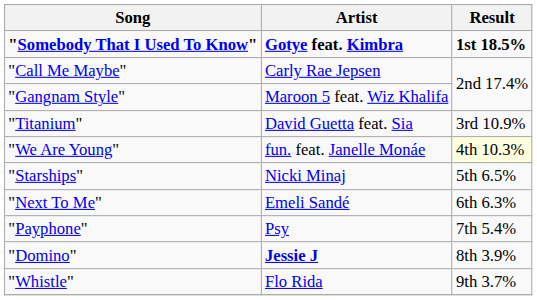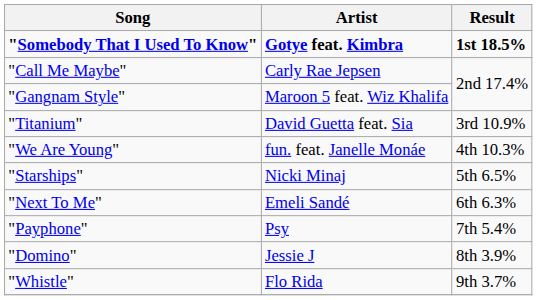 <table class="wikitable">
 <tr>
 <th>Song</th>
 <th>Artist</th>
 <th>Result</th>
 </tr>
 <tr>
 <td><strong>"<a href='#'>Somebody That I Used To Know</a>"</strong></td>
 <td><strong><a href='#'>Gotye</a> feat. <a href='#'>Kimbra</a></strong></td>
 <td><strong>1st 18.5%</strong></td>
 </tr>
 <tr>
 <td>"<a href='#'>Call Me Maybe</a>"</td>
 <td><a href='#'>Carly Rae Jepsen</a></td>
 <td rowspan="2">2nd 17.4%</td>
 </tr>
 <tr>
 <td>"<a href='#'>Gangnam Style</a>"</td>
 <td><a href='#'>Maroon 5</a> feat. <a href='#'>Wiz Khalifa</a></td>
 </tr>
 <tr>
 <td>"<a href='#'>Titanium</a>"</td>
 <td><a href='#'>David Guetta</a> feat. <a href='#'>Sia</a></td>
 <td>3rd 10.9%</td>
 </tr>
 <tr>
 <td>"<a href='#'>We Are Young</a>"</td>
 <td><a href='#'>fun.</a> feat. <a href='#'>Janelle Monáe</a></td>
-<td style="background: lightyellow;">4th 10.3%</td>
+<td>4th 10.3%</td>
 </tr>
 <tr>
 <td>"<a href='#'>Starships</a>"</td>
 <td><a href='#'>Nicki Minaj</a></td>
 <td>5th 6.5%</td>
 </tr>
 <tr>
 <td>"<a href='#'>Next To Me</a>"</td>
 <td><a href='#'>Emeli Sandé</a></td>
 <td>6th 6.3%</td>
 </tr>
 <tr>
 <td>"<a href='#'>Payphone</a>"</td>
 <td><a href='#'>Psy</a></td>
 <td>7th 5.4%</td>
 </tr>
 <tr>
 <td>"<a href='#'>Domino</a>"</td>
-<td><strong><a href='#'>Jessie J</a></strong></td>
+<td><a href='#'>Jessie J</a></td>
 <td>8th 3.9%</td>
 </tr>
 <tr>
 <td>"<a href='#'>Whistle</a>"</td>
 <td><a href='#'>Flo Rida</a></td>
 <td>9th 3.7%</td>
 </tr>
 <tr>
 </tr>
 </table>
